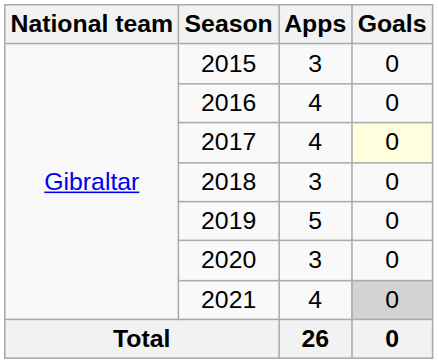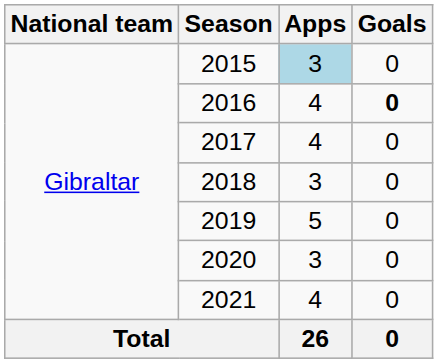 <table class="wikitable" style="text-align: center">
 <tr>
 <th>National team</th>
 <th>Season</th>
 <th>Apps</th>
 <th>Goals</th>
 </tr>
 <tr>
 <td rowspan=7><a href='#'>Gibraltar</a></td>
 <td>2015</td>
-<td>3</td>
+<td style="background: lightblue;">3</td>
 <td>0</td>
 </tr>
 <tr>
 <td>2016</td>
 <td>4</td>
-<td>0</td>
+<td><strong>0</strong></td>
 </tr>
 <tr>
 <td>2017</td>
 <td>4</td>
-<td style="background: lightyellow;">0</td>
+<td>0</td>
 </tr>
 <tr>
 <td>2018</td>
 <td>3</td>
 <td>0</td>
 </tr>
 <tr>
 <td>2019</td>
 <td>5</td>
 <td>0</td>
 </tr>
 <tr>
 <td>2020</td>
 <td>3</td>
 <td>0</td>
 </tr>
 <tr>
 <td>2021</td>
 <td>4</td>
-<td style="background: lightgrey;">0</td>
+<td>0</td>
 </tr>
 <tr>
 <th colspan="2">Total</th>
 <th>26</th>
 <th>0</th>
 </tr>
 </table>
